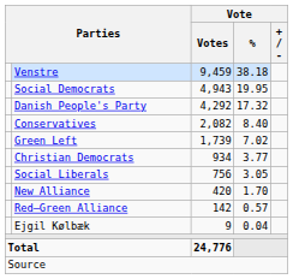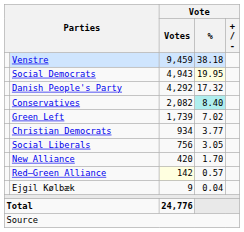 <table class="wikitable" style="text-align:right;">
 <tr>
 <th style="text-align:centre;" rowspan="2" colspan="2" width="225">Parties</th>
 <th colspan="3">Vote</th>
 </tr>
 <tr>
 <th width="15">Votes</th>
 <th width="15">%</th>
 <th width="15">+ / -</th>
 </tr>
 <tr>
 <td width="2" style="color:inherit;background:"></td>
 <td bgcolor=#cfe5fe  align="left"><a href='#'>Venstre</a></td>
 <td bgcolor=#cfe5fe>9,459</td>
 <td bgcolor=#cfe5fe>38.18</td>
 <td></td>
 </tr>
 <tr>
 <td width="2" style="color:inherit;background:"></td>
 <td align="left"><a href='#'>Social Democrats</a></td>
 <td>4,943</td>
-<td>19.95</td>
+<td style="background: lightyellow;">19.95</td>
 <td></td>
 </tr>
 <tr>
 <td width="2" style="color:inherit;background:"></td>
 <td align="left"><a href='#'>Danish People's Party</a></td>
 <td>4,292</td>
 <td>17.32</td>
 <td></td>
 </tr>
 <tr>
 <td width="2" style="color:inherit;background:"></td>
 <td align="left"><a href='#'>Conservatives</a></td>
 <td>2,082</td>
-<td>8.40</td>
+<td style="background: paleturquoise;">8.40</td>
 <td></td>
 </tr>
 <tr>
 <td width="2" style="color:inherit;background:"></td>
 <td align="left"><a href='#'>Green Left</a></td>
 <td>1,739</td>
 <td>7.02</td>
 <td></td>
 </tr>
 <tr>
 <td width="2" style="color:inherit;background:"></td>
 <td align="left"><a href='#'>Christian Democrats</a></td>
 <td>934</td>
 <td>3.77</td>
 <td></td>
 </tr>
 <tr>
 <td width="2" style="color:inherit;background:"></td>
 <td align="left"><a href='#'>Social Liberals</a></td>
 <td>756</td>
 <td>3.05</td>
 <td></td>
 </tr>
 <tr>
 <td width="2" style="color:inherit;background:"></td>
 <td align="left"><a href='#'>New Alliance</a></td>
 <td>420</td>
 <td>1.70</td>
 <td></td>
 </tr>
 <tr>
 <td width="2" style="color:inherit;background:"></td>
 <td align="left"><a href='#'>Red–Green Alliance</a></td>
-<td>142</td>
+<td style="background: lightyellow;">142</td>
 <td>0.57</td>
 <td></td>
 </tr>
 <tr>
 <td width="2" style="color:inherit;background:"></td>
 <td align="left">Ejgil Kølbæk</td>
 <td>9</td>
 <td>0.04</td>
 <td></td>
 </tr>
 <tr>
 <td colspan="7" bgcolor="#E9E9E9"></td>
 </tr>
 <tr>
 <td align="left" colspan="2"><strong>Total</strong></td>
 <td><strong>24,776</strong></td>
 <td bgcolor="#E9E9E9" colspan="2"></td>
 </tr>
 <tr>
 <td align="left" colspan="6">Source</td>
 </tr>
 </table>
